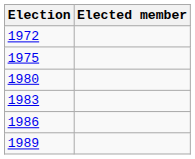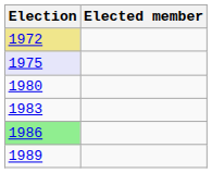 <table class=wikitable>
 <tr>
 <th>Election</th>
 <th>Elected member</th>
 </tr>
 <tr>
-<td><a href='#'>1972</a></td>
+<td style="background: khaki;"><a href='#'>1972</a></td>
 <td></td>
 </tr>
 <tr>
-<td><a href='#'>1975</a></td>
+<td style="background: lavender;"><a href='#'>1975</a></td>
 <td></td>
 </tr>
 <tr>
 <td><a href='#'>1980</a></td>
 <td></td>
 </tr>
 <tr>
 <td><a href='#'>1983</a></td>
 <td></td>
 </tr>
 <tr>
-<td><a href='#'>1986</a></td>
+<td style="background: lightgreen;"><a href='#'>1986</a></td>
 <td></td>
 </tr>
 <tr>
 <td><a href='#'>1989</a></td>
 <td></td>
 </tr>
 </table>
